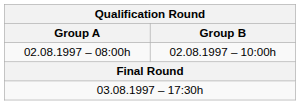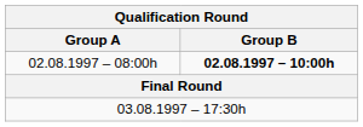 <table class="wikitable" style=" text-align:center; font-size:110%;" width="35%">
 <tr>
 <th colspan="2">Qualification Round</th>
 </tr>
 <tr>
 <th>Group A</th>
 <th>Group B</th>
 </tr>
 <tr>
 <td>02.08.1997 – 08:00h</td>
-<td>02.08.1997 – 10:00h</td>
+<td><strong>02.08.1997 – 10:00h</strong></td>
 </tr>
 <tr>
 <th colspan="2">Final Round</th>
 </tr>
 <tr>
 <td colspan="2">03.08.1997 – 17:30h</td>
 </tr>
 </table>
